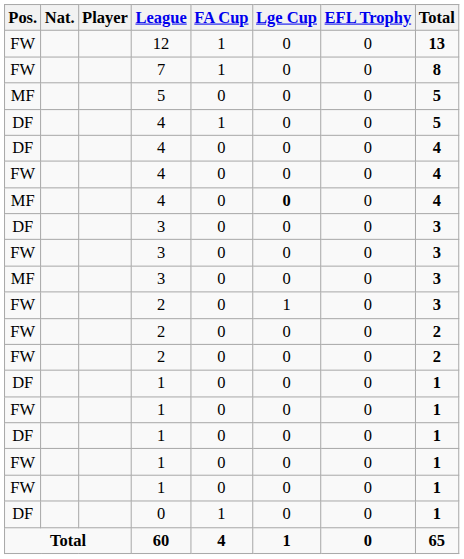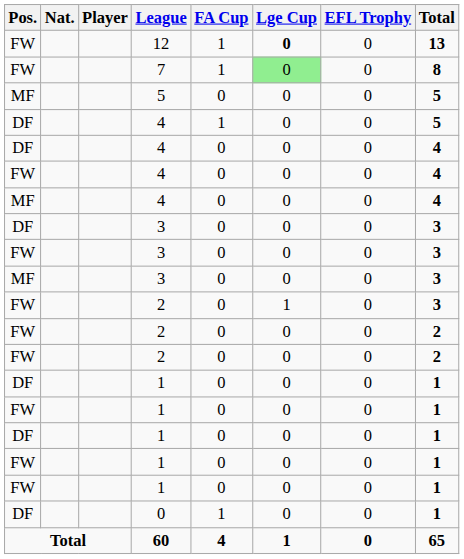 <table class="wikitable sortable" style="text-align:center">
 <tr>
 <th>Pos.</th>
 <th>Nat.</th>
 <th>Player</th>
 <th><a href='#'>League</a></th>
 <th><a href='#'>FA Cup</a></th>
 <th><a href='#'>Lge Cup</a></th>
 <th><a href='#'>EFL Trophy</a></th>
 <th>Total</th>
 </tr>
 <tr>
 <td>FW</td>
 <td></td>
 <td align=left></td>
 <td>12</td>
 <td>1</td>
-<td>0</td>
+<td><strong>0</strong></td>
 <td>0</td>
 <td><strong>13</strong></td>
 </tr>
 <tr>
 <td>FW</td>
 <td></td>
 <td align=left></td>
 <td>7</td>
 <td>1</td>
-<td>0</td>
+<td style="background: lightgreen;">0</td>
 <td>0</td>
 <td><strong>8</strong></td>
 </tr>
 <tr>
 <td>MF</td>
 <td></td>
 <td align=left></td>
 <td>5</td>
 <td>0</td>
 <td>0</td>
 <td>0</td>
 <td><strong>5</strong></td>
 </tr>
 <tr>
 <td>DF</td>
 <td></td>
 <td align=left></td>
 <td>4</td>
 <td>1</td>
 <td>0</td>
 <td>0</td>
 <td><strong>5</strong></td>
 </tr>
 <tr>
 <td>DF</td>
 <td></td>
 <td align=left></td>
 <td>4</td>
 <td>0</td>
 <td>0</td>
 <td>0</td>
 <td><strong>4</strong></td>
 </tr>
 <tr>
 <td>FW</td>
 <td></td>
 <td align=left></td>
 <td>4</td>
 <td>0</td>
 <td>0</td>
 <td>0</td>
 <td><strong>4</strong></td>
 </tr>
 <tr>
 <td>MF</td>
 <td></td>
 <td align=left></td>
 <td>4</td>
 <td>0</td>
-<td><strong>0</strong></td>
+<td>0</td>
 <td>0</td>
 <td><strong>4</strong></td>
 </tr>
 <tr>
 <td>DF</td>
 <td></td>
 <td align=left></td>
 <td>3</td>
 <td>0</td>
 <td>0</td>
 <td>0</td>
 <td><strong>3</strong></td>
 </tr>
 <tr>
 <td>FW</td>
 <td></td>
 <td align=left></td>
 <td>3</td>
 <td>0</td>
 <td>0</td>
 <td>0</td>
 <td><strong>3</strong></td>
 </tr>
 <tr>
 <td>MF</td>
 <td></td>
 <td align=left></td>
 <td>3</td>
 <td>0</td>
 <td>0</td>
 <td>0</td>
 <td><strong>3</strong></td>
 </tr>
 <tr>
 <td>FW</td>
 <td></td>
 <td align=left></td>
 <td>2</td>
 <td>0</td>
 <td>1</td>
 <td>0</td>
 <td><strong>3</strong></td>
 </tr>
 <tr>
 <td>FW</td>
 <td></td>
 <td align=left></td>
 <td>2</td>
 <td>0</td>
 <td>0</td>
 <td>0</td>
 <td><strong>2</strong></td>
 </tr>
 <tr>
 <td>FW</td>
 <td></td>
 <td align=left></td>
 <td>2</td>
 <td>0</td>
 <td>0</td>
 <td>0</td>
 <td><strong>2</strong></td>
 </tr>
 <tr>
 <td>DF</td>
 <td></td>
 <td align=left></td>
 <td>1</td>
 <td>0</td>
 <td>0</td>
 <td>0</td>
 <td><strong>1</strong></td>
 </tr>
 <tr>
 <td>FW</td>
 <td></td>
 <td align=left></td>
 <td>1</td>
 <td>0</td>
 <td>0</td>
 <td>0</td>
 <td><strong>1</strong></td>
 </tr>
 <tr>
 <td>DF</td>
 <td></td>
 <td align=left></td>
 <td>1</td>
 <td>0</td>
 <td>0</td>
 <td>0</td>
 <td><strong>1</strong></td>
 </tr>
 <tr>
 <td>FW</td>
 <td></td>
 <td align=left></td>
 <td>1</td>
 <td>0</td>
 <td>0</td>
 <td>0</td>
 <td><strong>1</strong></td>
 </tr>
 <tr>
 <td>FW</td>
 <td></td>
 <td align=left></td>
 <td>1</td>
 <td>0</td>
 <td>0</td>
 <td>0</td>
 <td><strong>1</strong></td>
 </tr>
 <tr>
 <td>DF</td>
 <td></td>
 <td align=left></td>
 <td>0</td>
 <td>1</td>
 <td>0</td>
 <td>0</td>
 <td><strong>1</strong></td>
 </tr>
 <tr class="sortbottom">
 <td colspan=3><strong>Total</strong></td>
 <td colspan=1><strong>60</strong></td>
 <td colspan=1><strong>4</strong></td>
 <td colspan=1><strong>1</strong></td>
 <td colspan=1><strong>0</strong></td>
 <td colspan=1><strong>65</strong></td>
 </tr>
 </table>
